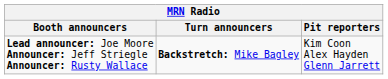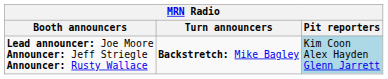 <table class="wikitable" style="font-size: 95%;">
 <tr>
 <th colspan="3"><a href='#'>MRN</a> Radio</th>
 </tr>
 <tr>
 <th>Booth announcers</th>
 <th>Turn announcers</th>
 <th>Pit reporters</th>
 </tr>
 <tr>
 <td><strong>Lead announcer:</strong> Joe Moore<br><strong>Announcer:</strong> Jeff Striegle<br><strong>Announcer:</strong> <a href='#'>Rusty Wallace</a></td>
 <td><strong>Backstretch:</strong> <a href='#'>Mike Bagley</a></td>
-<td>Kim Coon<br>Alex Hayden<br><a href='#'>Glenn Jarrett</a></td>
+<td style="background: lightblue;">Kim Coon<br>Alex Hayden<br><a href='#'>Glenn Jarrett</a></td>
 </tr>
 </table>
